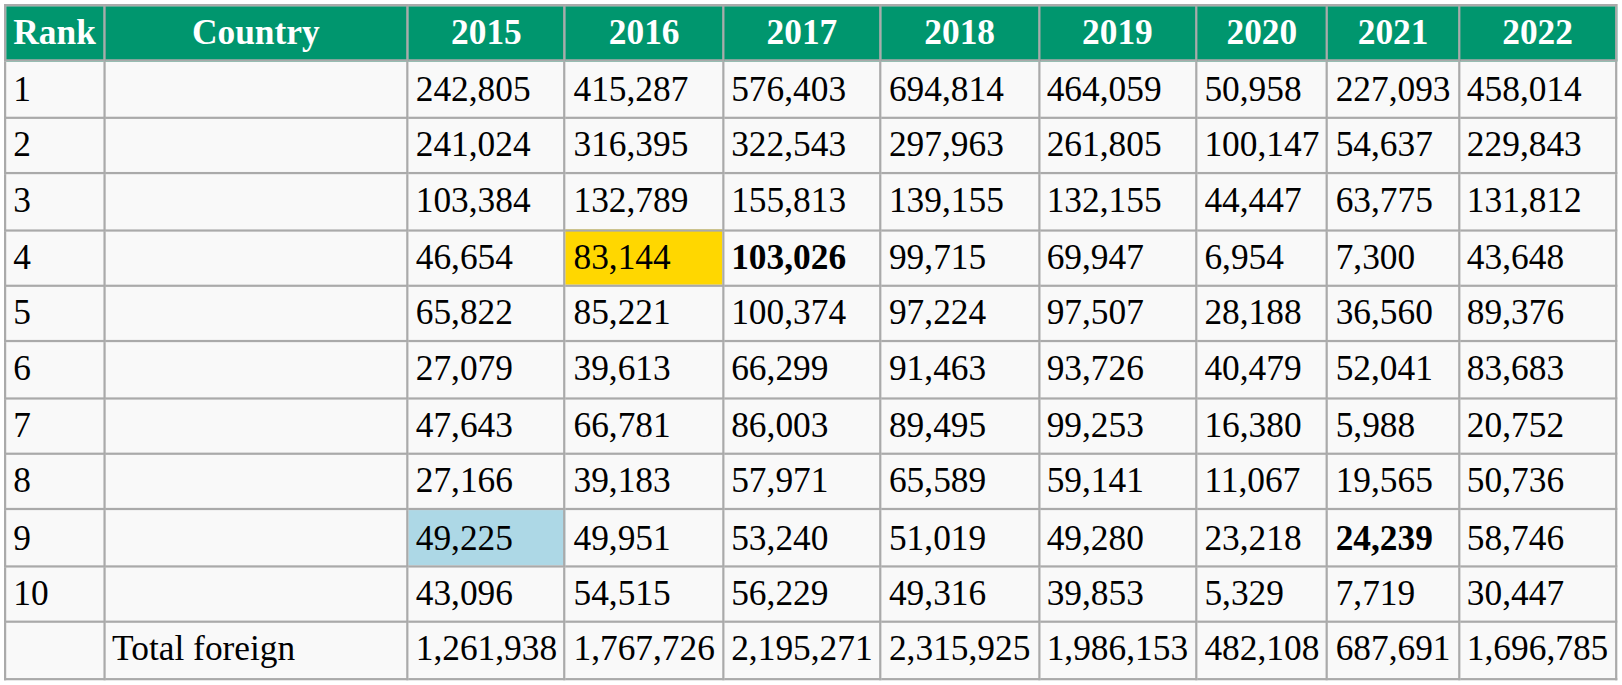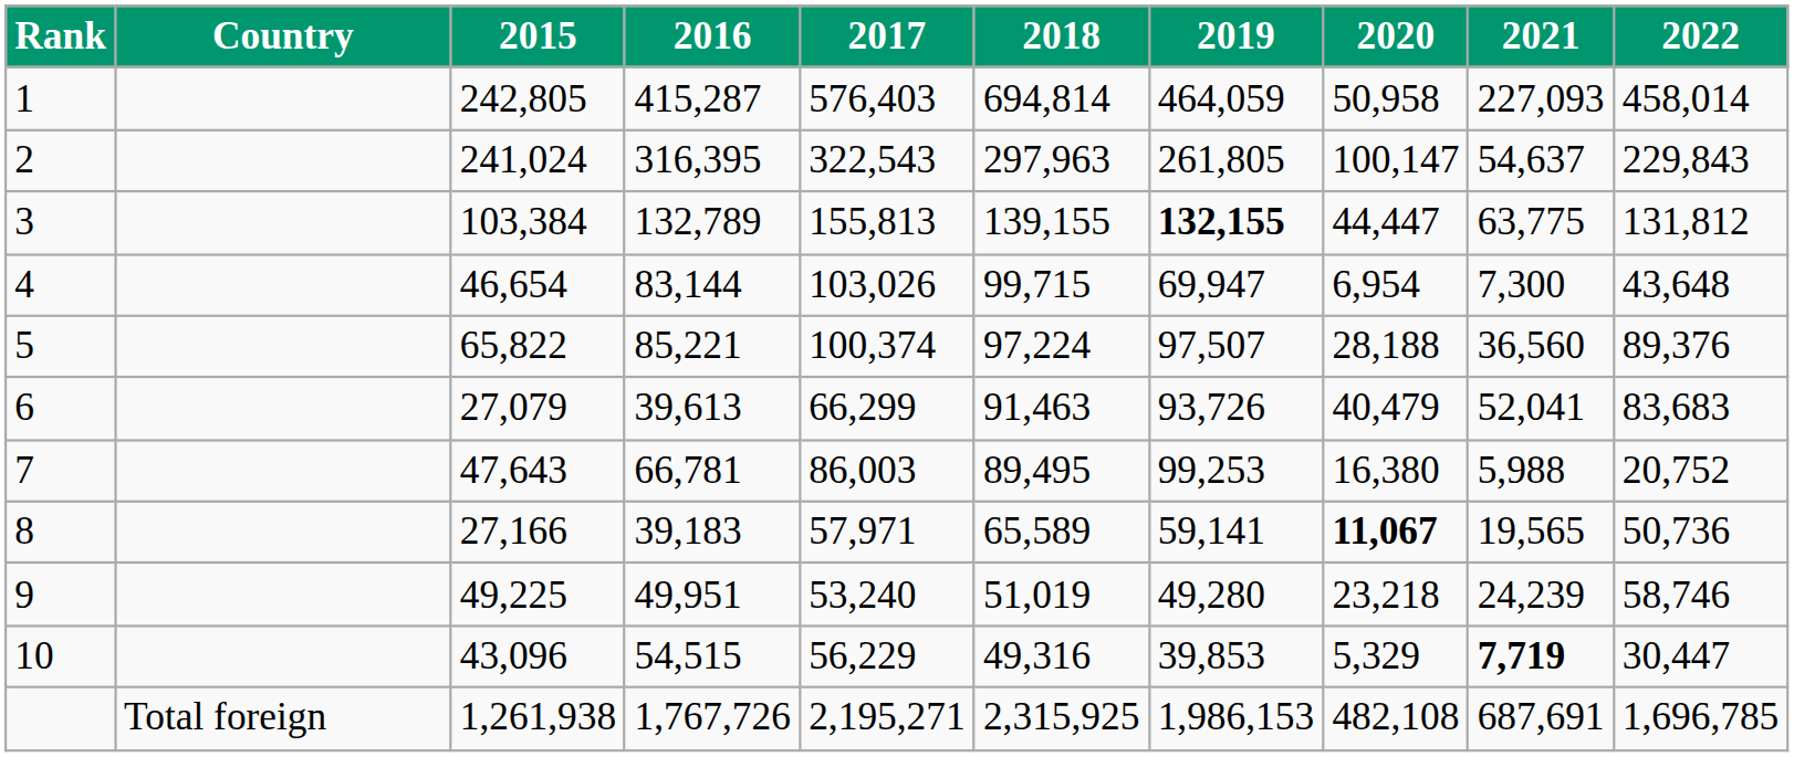 <table class="wikitable">
 <tr>
 </tr>
 <tr style="color:white;">
 <th style="width:5px; background:#00966E;">Rank</th>
 <th style="width:130px; background:#00966E;">Country</th>
 <th style="width:50px; background:#00966E;">2015</th>
 <th style="width:50px; background:#00966E;">2016</th>
 <th style="width:50px; background:#00966E;">2017</th>
 <th style="width:50px; background:#00966E;">2018</th>
 <th style="width:50px; background:#00966E;">2019</th>
 <th style="width:50px; background:#00966E;">2020</th>
 <th style="width:50px; background:#00966E;">2021</th>
 <th style="width:50px; background:#00966E;">2022</th>
 </tr>
 <tr>
 <td>1</td>
 <td></td>
 <td>242,805</td>
 <td>415,287</td>
 <td>576,403</td>
 <td>694,814</td>
 <td>464,059</td>
 <td>50,958</td>
 <td>227,093</td>
 <td>458,014</td>
 </tr>
 <tr>
 <td>2</td>
 <td></td>
 <td>241,024</td>
 <td>316,395</td>
 <td>322,543</td>
 <td>297,963</td>
 <td>261,805</td>
 <td>100,147</td>
 <td>54,637</td>
 <td>229,843</td>
 </tr>
 <tr>
 <td>3</td>
 <td></td>
 <td>103,384</td>
 <td>132,789</td>
 <td>155,813</td>
 <td>139,155</td>
-<td>132,155</td>
+<td><strong>132,155</strong></td>
 <td>44,447</td>
 <td>63,775</td>
 <td>131,812</td>
 </tr>
 <tr>
 <td>4</td>
 <td></td>
 <td>46,654</td>
-<td style="background: gold;">83,144</td>
-<td><strong>103,026</strong></td>
+<td>83,144</td>
+<td>103,026</td>
 <td>99,715</td>
 <td>69,947</td>
 <td>6,954</td>
 <td>7,300</td>
 <td>43,648</td>
 </tr>
 <tr>
 <td>5</td>
 <td></td>
 <td>65,822</td>
 <td>85,221</td>
 <td>100,374</td>
 <td>97,224</td>
 <td>97,507</td>
 <td>28,188</td>
 <td>36,560</td>
 <td>89,376</td>
 </tr>
 <tr>
 <td>6</td>
 <td></td>
 <td>27,079</td>
 <td>39,613</td>
 <td>66,299</td>
 <td>91,463</td>
 <td>93,726</td>
 <td>40,479</td>
 <td>52,041</td>
 <td>83,683</td>
 </tr>
 <tr>
 <td>7</td>
 <td></td>
 <td>47,643</td>
 <td>66,781</td>
 <td>86,003</td>
 <td>89,495</td>
 <td>99,253</td>
 <td>16,380</td>
 <td>5,988</td>
 <td>20,752</td>
 </tr>
 <tr>
 <td>8</td>
 <td></td>
 <td>27,166</td>
 <td>39,183</td>
 <td>57,971</td>
 <td>65,589</td>
 <td>59,141</td>
-<td>11,067</td>
+<td><strong>11,067</strong></td>
 <td>19,565</td>
 <td>50,736</td>
 </tr>
 <tr>
 <td>9</td>
 <td></td>
-<td style="background: lightblue;">49,225</td>
+<td>49,225</td>
 <td>49,951</td>
 <td>53,240</td>
 <td>51,019</td>
 <td>49,280</td>
 <td>23,218</td>
-<td><strong>24,239</strong></td>
+<td>24,239</td>
 <td>58,746</td>
 </tr>
 <tr>
 <td>10</td>
 <td></td>
 <td>43,096</td>
 <td>54,515</td>
 <td>56,229</td>
 <td>49,316</td>
 <td>39,853</td>
 <td>5,329</td>
-<td>7,719</td>
+<td><strong>7,719</strong></td>
 <td>30,447</td>
 </tr>
 <tr>
 <td></td>
 <td>Total foreign</td>
 <td>1,261,938</td>
 <td>1,767,726</td>
 <td>2,195,271</td>
 <td>2,315,925</td>
 <td>1,986,153</td>
 <td>482,108</td>
 <td>687,691</td>
 <td>1,696,785</td>
 </tr>
 </table>
